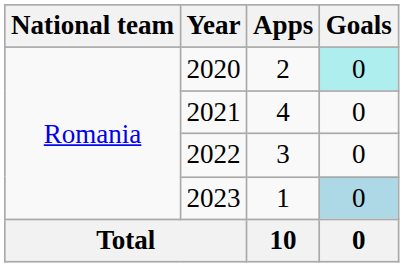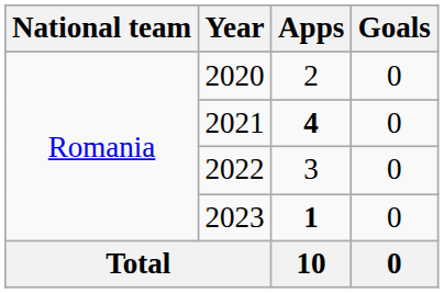 <table class="wikitable" style="text-align:center">
 <tr>
 <th>National team</th>
 <th>Year</th>
 <th>Apps</th>
 <th>Goals</th>
 </tr>
 <tr>
 <td rowspan="4"><a href='#'>Romania</a></td>
 <td>2020</td>
 <td>2</td>
-<td style="background: paleturquoise;">0</td>
+<td>0</td>
 </tr>
 <tr>
 <td>2021</td>
-<td>4</td>
+<td><strong>4</strong></td>
 <td>0</td>
 </tr>
 <tr>
 <td>2022</td>
 <td>3</td>
 <td>0</td>
 </tr>
 <tr>
 <td>2023</td>
-<td>1</td>
-<td style="background: lightblue;">0</td>
+<td><strong>1</strong></td>
+<td>0</td>
 </tr>
 <tr>
 <th colspan="2">Total</th>
 <th>10</th>
 <th>0</th>
 </tr>
 </table>
